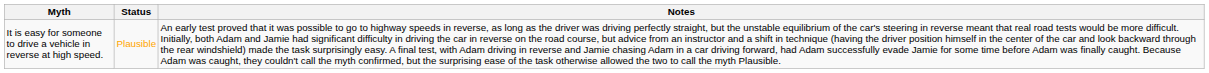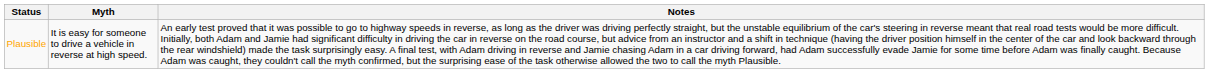 <table class="wikitable plainrowheaders">
 <tr>
+<th scope"col">Status</th>
 <th scope"col">Myth</th>
-<th scope"col">Status</th>
 <th scope"col">Notes</th>
 </tr>
 <tr>
+<td style="color:orange">Plausible</td>
 <td scope"row">It is easy for someone to drive a vehicle in reverse at high speed.</td>
-<td style="color:orange">Plausible</td>
 <td>An early test proved that it was possible to go to highway speeds in reverse, as long as the driver was driving perfectly straight, but the unstable equilibrium of the car's steering in reverse meant that real road tests would be more difficult.  Initially, both Adam and Jamie had significant difficulty in driving the car in reverse on the road course, but advice from an instructor and a shift in technique (having the driver position himself in the center of the car and look backward through the rear windshield) made the task surprisingly easy.  A final test, with Adam driving in reverse and Jamie chasing Adam in a car driving forward, had Adam successfully evade Jamie for some time before Adam was finally caught.  Because Adam was caught, they couldn't call the myth confirmed, but the surprising ease of the task otherwise allowed the two to call the myth Plausible.</td>
 </tr>
 </table>
